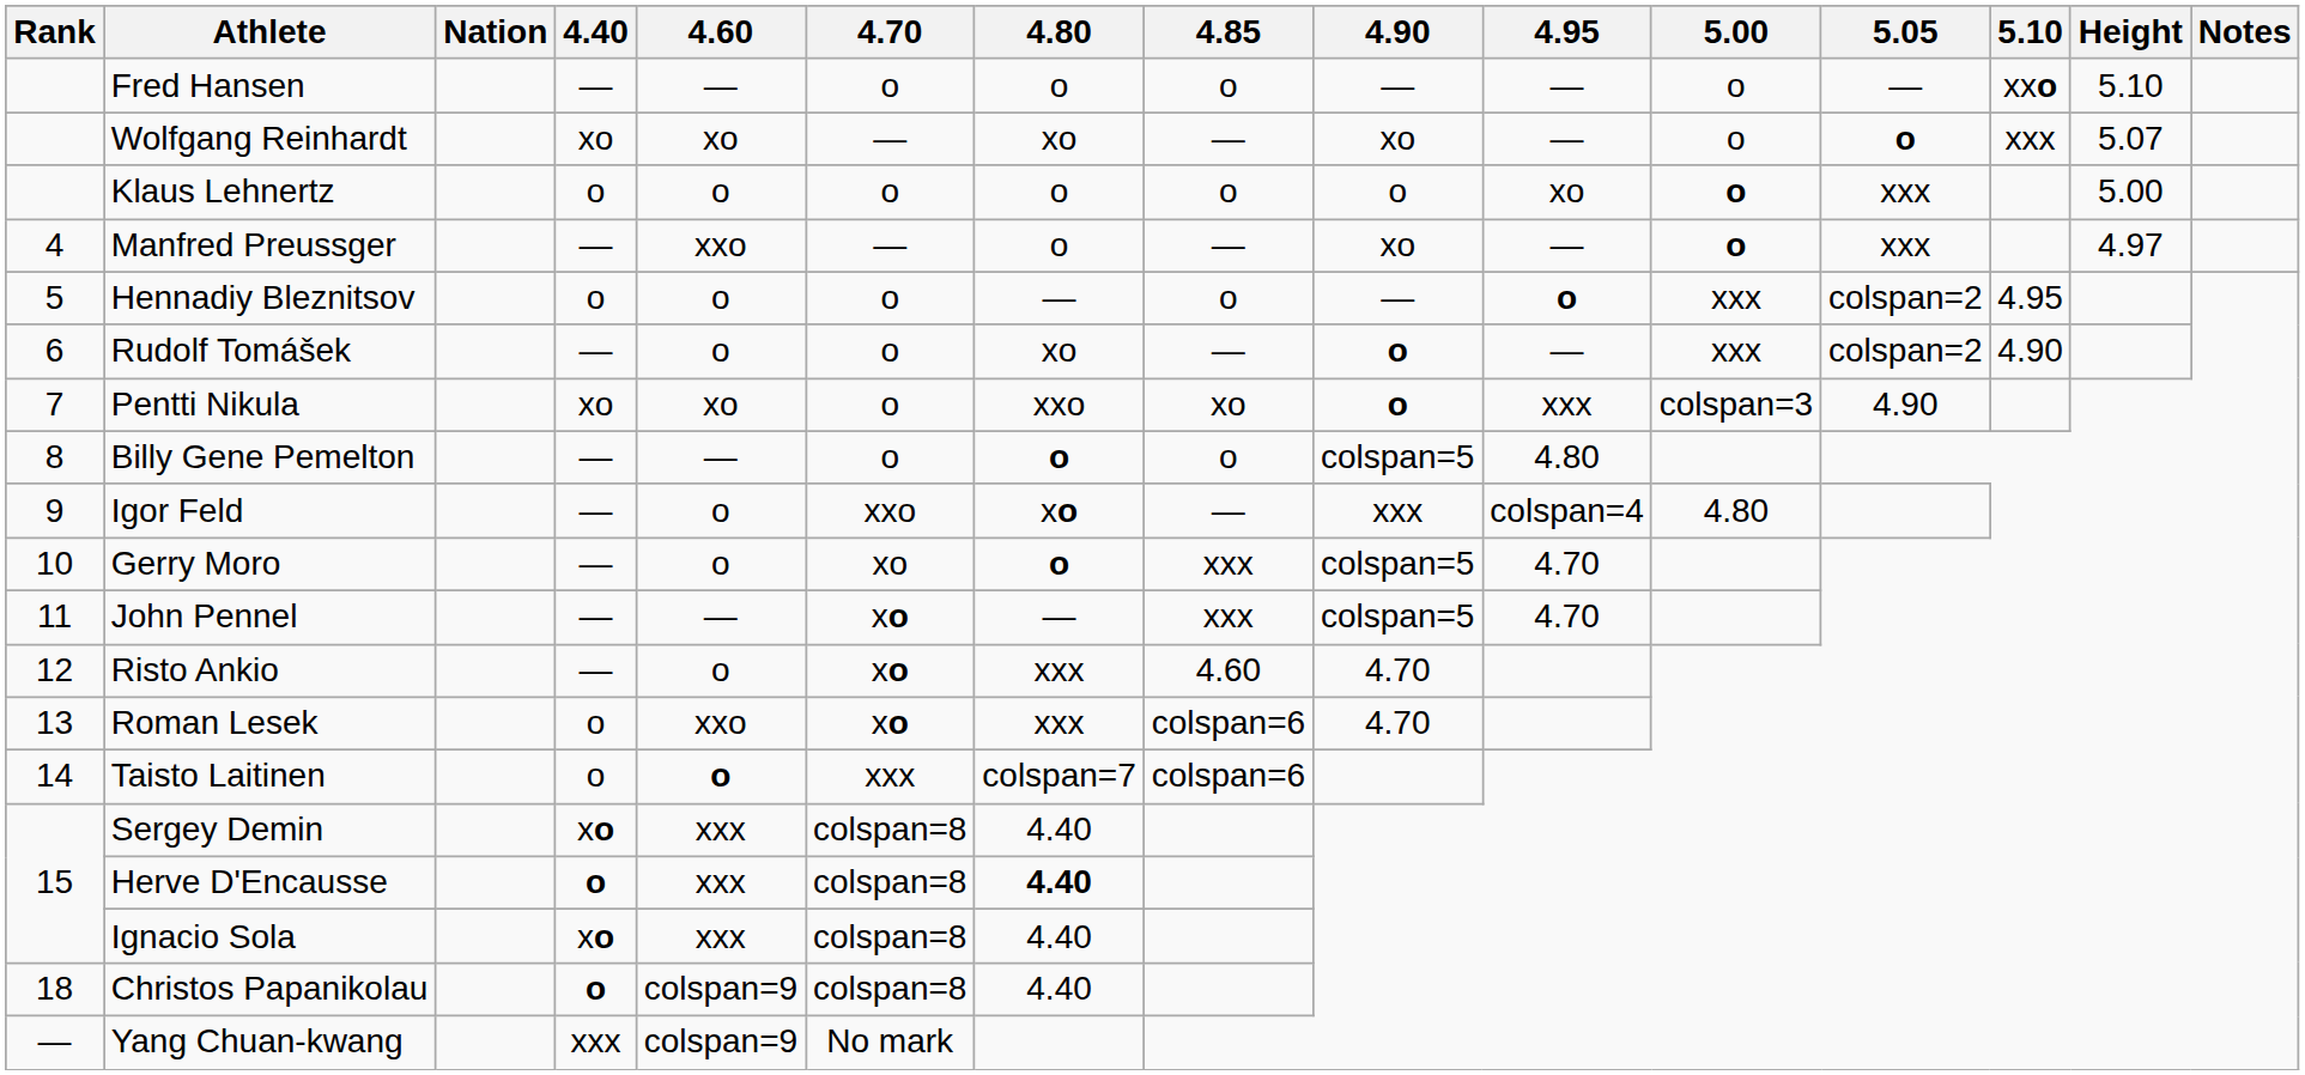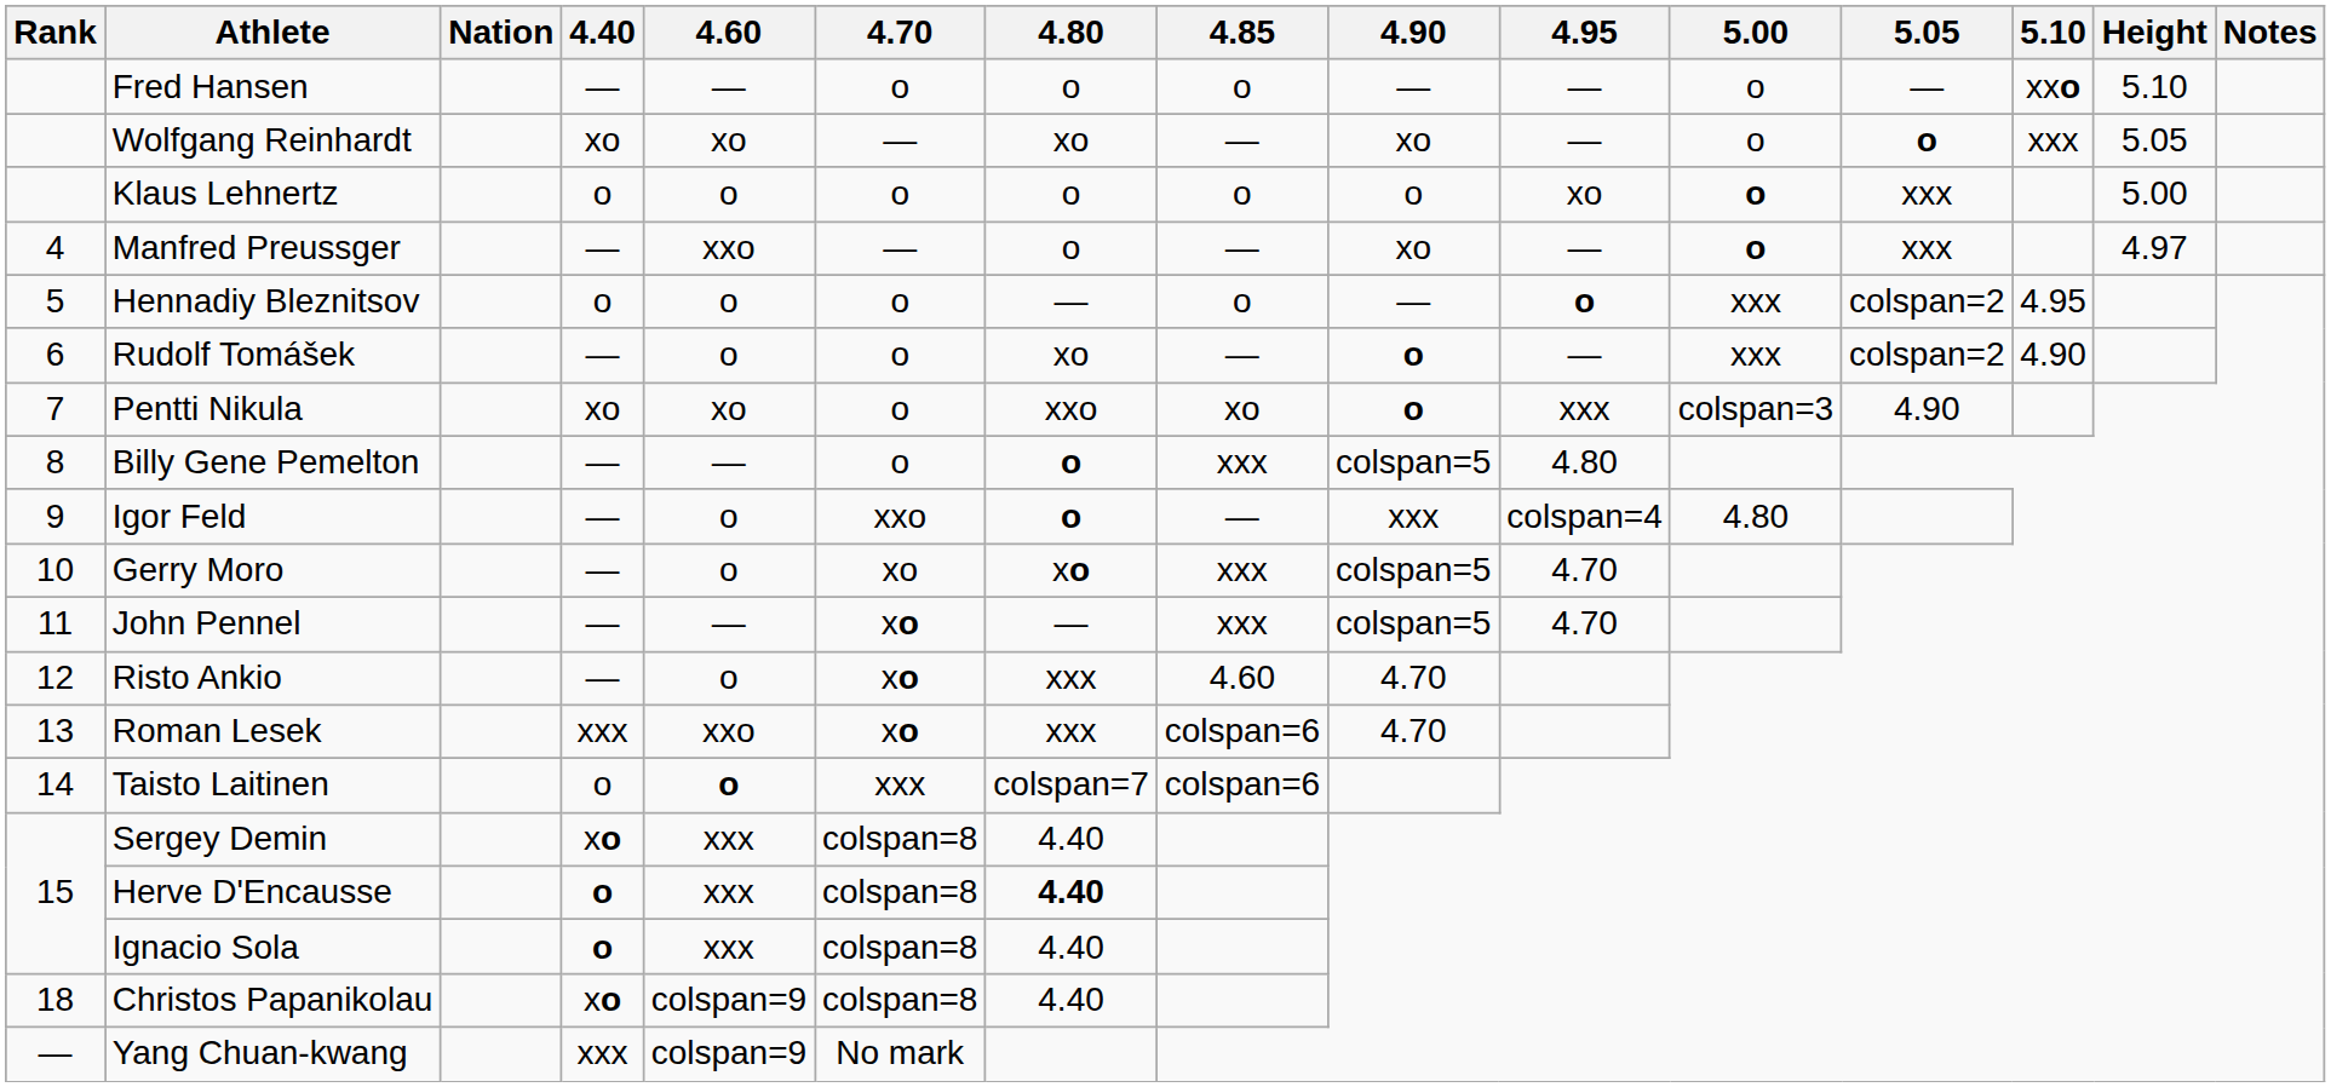 <table class="wikitable sortable" style="text-align:center">
 <tr>
 <th>Rank</th>
 <th>Athlete</th>
 <th>Nation</th>
 <th>4.40</th>
 <th>4.60</th>
 <th>4.70</th>
 <th>4.80</th>
 <th>4.85</th>
 <th>4.90</th>
 <th>4.95</th>
 <th>5.00</th>
 <th>5.05</th>
 <th>5.10</th>
 <th>Height</th>
 <th>Notes</th>
 </tr>
 <tr>
 <td></td>
 <td align=left>Fred Hansen</td>
 <td align=left></td>
 <td>—</td>
 <td>—</td>
 <td>o</td>
 <td>o</td>
 <td>o</td>
 <td>—</td>
 <td>—</td>
 <td>o</td>
 <td>—</td>
 <td>xx<strong>o</strong></td>
 <td>5.10</td>
 <td></td>
 </tr>
 <tr>
 <td></td>
 <td align=left>Wolfgang Reinhardt</td>
 <td align=left></td>
 <td>xo</td>
 <td>xo</td>
 <td>—</td>
 <td>xo</td>
 <td>—</td>
 <td>xo</td>
 <td>—</td>
 <td>o</td>
 <td><strong>o</strong></td>
 <td>xxx</td>
-<td>5.07</td>
+<td>5.05</td>
 <td></td>
 </tr>
 <tr>
 <td></td>
 <td align=left>Klaus Lehnertz</td>
 <td align=left></td>
 <td>o</td>
 <td>o</td>
 <td>o</td>
 <td>o</td>
 <td>o</td>
 <td>o</td>
 <td>xo</td>
 <td><strong>o</strong></td>
 <td>xxx</td>
 <td></td>
 <td>5.00</td>
 <td></td>
 </tr>
 <tr>
 <td>4</td>
 <td align=left>Manfred Preussger</td>
 <td align=left></td>
 <td>—</td>
 <td>xxo</td>
 <td>—</td>
 <td>o</td>
 <td>—</td>
 <td>xo</td>
 <td>—</td>
 <td><strong>o</strong></td>
 <td>xxx</td>
 <td></td>
 <td>4.97</td>
 <td></td>
 </tr>
 <tr>
 <td>5</td>
 <td align=left>Hennadiy Bleznitsov</td>
 <td align=left></td>
 <td>o</td>
 <td>o</td>
 <td>o</td>
 <td>—</td>
 <td>o</td>
 <td>—</td>
 <td><strong>o</strong></td>
 <td>xxx</td>
 <td>colspan=2 </td>
 <td>4.95</td>
 <td></td>
 </tr>
 <tr>
 <td>6</td>
 <td align=left>Rudolf Tomášek</td>
 <td align=left></td>
 <td>—</td>
 <td>o</td>
 <td>o</td>
 <td>xo</td>
 <td>—</td>
 <td><strong>o</strong></td>
 <td>—</td>
 <td>xxx</td>
 <td>colspan=2 </td>
 <td>4.90</td>
 <td></td>
 </tr>
 <tr>
 <td>7</td>
 <td align=left>Pentti Nikula</td>
 <td align=left></td>
 <td>xo</td>
 <td>xo</td>
 <td>o</td>
 <td>xxo</td>
 <td>xo</td>
 <td><strong>o</strong></td>
 <td>xxx</td>
 <td>colspan=3 </td>
 <td>4.90</td>
 <td></td>
 </tr>
 <tr>
 <td>8</td>
 <td align=left>Billy Gene Pemelton</td>
 <td align=left></td>
 <td>—</td>
 <td>—</td>
 <td>o</td>
 <td><strong>o</strong></td>
-<td>o</td>
+<td>xxx</td>
 <td>colspan=5 </td>
 <td>4.80</td>
 <td></td>
 </tr>
 <tr>
 <td>9</td>
 <td align=left>Igor Feld</td>
 <td align=left></td>
 <td>—</td>
 <td>o</td>
 <td>xxo</td>
-<td>x<strong>o</strong></td>
+<td><strong>o</strong></td>
 <td>—</td>
 <td>xxx</td>
 <td>colspan=4 </td>
 <td>4.80</td>
 <td></td>
 </tr>
 <tr>
 <td>10</td>
 <td align=left>Gerry Moro</td>
 <td align=left></td>
 <td>—</td>
 <td>o</td>
 <td>xo</td>
-<td><strong>o</strong></td>
+<td>x<strong>o</strong></td>
 <td>xxx</td>
 <td>colspan=5 </td>
 <td>4.70</td>
 <td></td>
 </tr>
 <tr>
 <td>11</td>
 <td align=left>John Pennel</td>
 <td align=left></td>
 <td>—</td>
 <td>—</td>
 <td>x<strong>o</strong></td>
 <td>—</td>
 <td>xxx</td>
 <td>colspan=5 </td>
 <td>4.70</td>
 <td></td>
 </tr>
 <tr>
 <td>12</td>
 <td align=left>Risto Ankio</td>
 <td align=left></td>
 <td>—</td>
 <td>o</td>
 <td>x<strong>o</strong></td>
 <td>xxx</td>
 <td>4.60</td>
 <td>4.70</td>
 <td></td>
 </tr>
 <tr>
 <td>13</td>
 <td align=left>Roman Lesek</td>
 <td align=left></td>
-<td>o</td>
+<td>xxx</td>
 <td>xxo</td>
 <td>x<strong>o</strong></td>
 <td>xxx</td>
 <td>colspan=6 </td>
 <td>4.70</td>
 <td></td>
 </tr>
 <tr>
 <td>14</td>
 <td align=left>Taisto Laitinen</td>
 <td align=left></td>
 <td>o</td>
 <td><strong>o</strong></td>
 <td>xxx</td>
 <td>colspan=7 </td>
 <td>colspan=6 </td>
 <td></td>
 </tr>
 <tr>
 <td rowspan=3>15</td>
 <td align=left>Sergey Demin</td>
 <td align=left></td>
 <td>x<strong>o</strong></td>
 <td>xxx</td>
 <td>colspan=8 </td>
 <td>4.40</td>
 <td></td>
 </tr>
 <tr>
 <td align=left>Herve D'Encausse</td>
 <td align=left></td>
 <td><strong>o</strong></td>
 <td>xxx</td>
 <td>colspan=8 </td>
 <td><strong>4.40</strong></td>
 <td></td>
 </tr>
 <tr>
 <td align=left>Ignacio Sola</td>
 <td align=left></td>
-<td>x<strong>o</strong></td>
+<td><strong>o</strong></td>
 <td>xxx</td>
 <td>colspan=8 </td>
 <td>4.40</td>
 <td></td>
 </tr>
 <tr>
 <td>18</td>
 <td align=left>Christos Papanikolau</td>
 <td align=left></td>
-<td><strong>o</strong></td>
+<td>x<strong>o</strong></td>
 <td>colspan=9 </td>
 <td>colspan=8 </td>
 <td>4.40</td>
 <td></td>
 </tr>
 <tr>
 <td data-sort-value=19>—</td>
 <td align=left>Yang Chuan-kwang</td>
 <td align=left></td>
 <td>xxx</td>
 <td>colspan=9 </td>
 <td data-sort-value=1.00>No mark</td>
 <td></td>
 </tr>
 </table>
